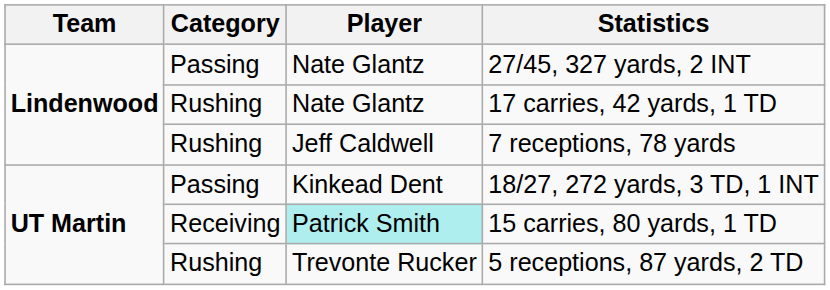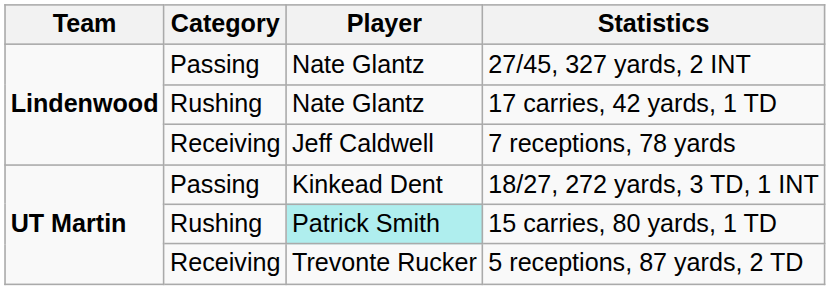 <table class="wikitable" style="float: right;">
 <tr>
 <th>Team</th>
 <th>Category</th>
 <th>Player</th>
 <th>Statistics</th>
 </tr>
 <tr>
 <td rowspan=3><strong>Lindenwood</strong></td>
 <td>Passing</td>
 <td>Nate Glantz</td>
 <td>27/45, 327 yards, 2 INT</td>
 </tr>
 <tr>
 <td>Rushing</td>
 <td>Nate Glantz</td>
 <td>17 carries, 42 yards, 1 TD</td>
 </tr>
 <tr>
-<td>Rushing</td>
+<td>Receiving</td>
 <td>Jeff Caldwell</td>
 <td>7 receptions, 78 yards</td>
 </tr>
 <tr>
 <td rowspan=3><strong>UT Martin</strong></td>
 <td>Passing</td>
 <td>Kinkead Dent</td>
 <td>18/27, 272 yards, 3 TD, 1 INT</td>
 </tr>
 <tr>
-<td>Receiving</td>
+<td>Rushing</td>
 <td style="background: paleturquoise;">Patrick Smith</td>
 <td>15 carries, 80 yards, 1 TD</td>
 </tr>
 <tr>
-<td>Rushing</td>
+<td>Receiving</td>
 <td>Trevonte Rucker</td>
 <td>5 receptions, 87 yards, 2 TD</td>
 </tr>
 </table>
